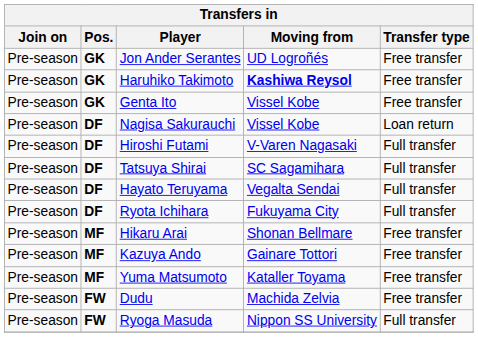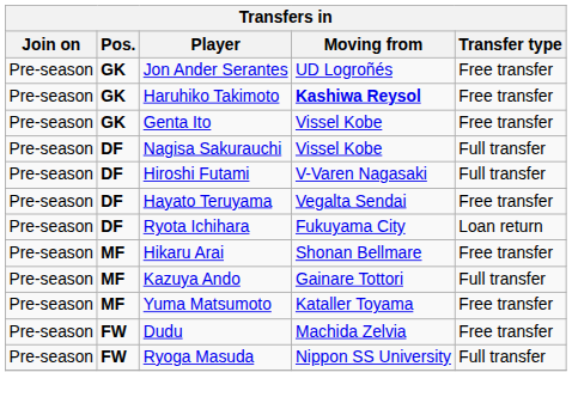 <table class="wikitable sortable" style=“text-align:left;>
 <tr>
 <th colspan="5">Transfers in</th>
 </tr>
 <tr>
 <th>Join on</th>
 <th>Pos.</th>
 <th>Player</th>
 <th>Moving from</th>
 <th>Transfer type</th>
 </tr>
 <tr>
 <td>Pre-season</td>
 <td><strong>GK</strong></td>
 <td> <a href='#'>Jon Ander Serantes</a></td>
 <td> <a href='#'>UD Logroñés</a></td>
 <td>Free transfer</td>
 </tr>
 <tr>
 <td>Pre-season</td>
 <td><strong>GK</strong></td>
 <td> <a href='#'>Haruhiko Takimoto</a></td>
 <td><strong> <a href='#'>Kashiwa Reysol</a></strong></td>
 <td>Free transfer</td>
 </tr>
 <tr>
 <td>Pre-season</td>
 <td><strong>GK</strong></td>
 <td> <a href='#'>Genta Ito</a></td>
 <td> <a href='#'>Vissel Kobe</a></td>
 <td>Free transfer</td>
 </tr>
 <tr>
 <td>Pre-season</td>
 <td><strong>DF</strong></td>
 <td> <a href='#'>Nagisa Sakurauchi</a></td>
 <td> <a href='#'>Vissel Kobe</a></td>
-<td>Loan return</td>
+<td>Full transfer</td>
 </tr>
 <tr>
 <td>Pre-season</td>
 <td><strong>DF</strong></td>
 <td> <a href='#'>Hiroshi Futami</a></td>
 <td> <a href='#'>V-Varen Nagasaki</a></td>
 <td>Full transfer</td>
 </tr>
 <tr>
 <td>Pre-season</td>
 <td><strong>DF</strong></td>
-<td> <a href='#'>Tatsuya Shirai</a></td>
-<td> <a href='#'>SC Sagamihara</a></td>
-<td>Full transfer</td>
-</tr>
-<tr>
-<td>Pre-season</td>
-<td><strong>DF</strong></td>
 <td> <a href='#'>Hayato Teruyama</a></td>
 <td> <a href='#'>Vegalta Sendai</a></td>
-<td>Full transfer</td>
+<td>Free transfer</td>
 </tr>
 <tr>
 <td>Pre-season</td>
 <td><strong>DF</strong></td>
 <td> <a href='#'>Ryota Ichihara</a></td>
 <td> <a href='#'>Fukuyama City</a></td>
-<td>Full transfer</td>
+<td>Loan return</td>
 </tr>
 <tr>
 <td>Pre-season</td>
 <td><strong>MF</strong></td>
 <td> <a href='#'>Hikaru Arai</a></td>
 <td> <a href='#'>Shonan Bellmare</a></td>
 <td>Free transfer</td>
 </tr>
 <tr>
 <td>Pre-season</td>
 <td><strong>MF</strong></td>
 <td> <a href='#'>Kazuya Ando</a></td>
 <td> <a href='#'>Gainare Tottori</a></td>
-<td>Free transfer</td>
+<td>Full transfer</td>
 </tr>
 <tr>
 <td>Pre-season</td>
 <td><strong>MF</strong></td>
 <td> <a href='#'>Yuma Matsumoto</a></td>
 <td> <a href='#'>Kataller Toyama</a></td>
 <td>Free transfer</td>
 </tr>
 <tr>
 <td>Pre-season</td>
 <td><strong>FW</strong></td>
 <td> <a href='#'>Dudu</a></td>
 <td> <a href='#'>Machida Zelvia</a></td>
 <td>Free transfer</td>
 </tr>
 <tr>
 <td>Pre-season</td>
 <td><strong>FW</strong></td>
 <td> <a href='#'>Ryoga Masuda</a></td>
 <td> <a href='#'>Nippon SS University</a></td>
 <td>Full transfer</td>
 </tr>
 <tr>
 </tr>
 </table>
